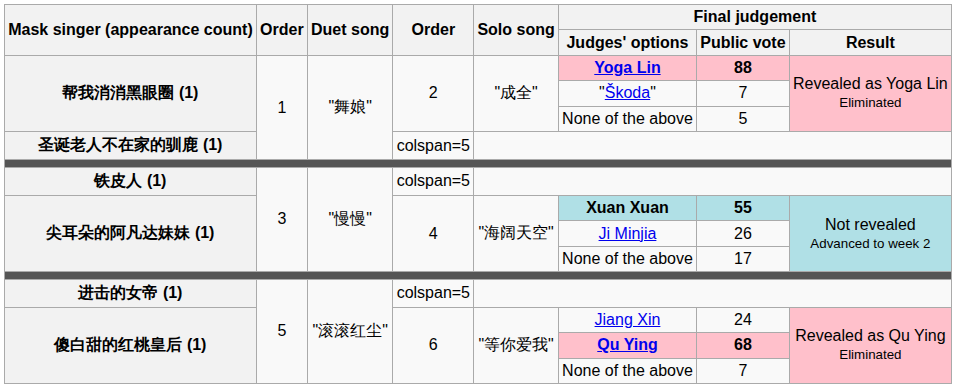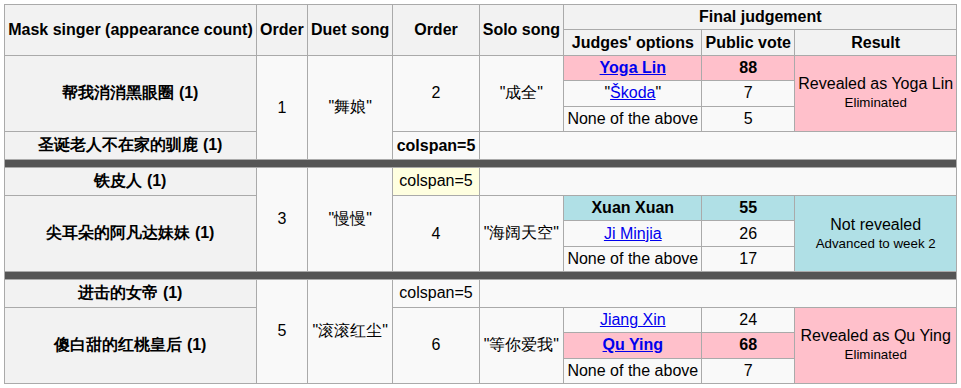 <table class="wikitable plainrowheaders" style="text-align:center;">
 <tr>
 <th rowspan=2 scope="col">Mask singer (appearance count)</th>
 <th rowspan=2 scope="col">Order</th>
 <th rowspan=2 scope="col">Duet song</th>
 <th rowspan=2 scope="col">Order</th>
 <th rowspan=2 scope="col">Solo song</th>
 <th scope="col" colspan=3>Final judgement</th>
 </tr>
 <tr>
 <th scope="col">Judges' options</th>
 <th scope="col">Public vote</th>
 <th scope="col">Result</th>
 </tr>
 <tr>
 <th rowspan=3 scope="row">帮我消消黑眼圈 (1)</th>
 <td rowspan=4>1</td>
 <td rowspan=4>"舞娘"</td>
 <td rowspan=3>2</td>
 <td rowspan=3>"成全"</td>
 <td style="background:pink;"><strong><a href='#'>Yoga Lin</a></strong></td>
 <td style="background:pink;"><strong>88</strong></td>
 <td style="background:pink;" rowspan=3>Revealed as Yoga Lin<br><small>Eliminated</small></td>
 </tr>
 <tr>
 <td>"<a href='#'>Škoda</a>"</td>
 <td>7</td>
 </tr>
 <tr>
 <td>None of the above</td>
 <td>5</td>
 </tr>
 <tr>
 <th scope="row">圣诞老人不在家的驯鹿 (1)</th>
-<td>colspan=5 </td>
+<td><strong>colspan=5 </strong></td>
 </tr>
 <tr>
 <td colspan="8" style="background:#555;"></td>
 </tr>
 <tr>
 <th scope="row">铁皮人 (1)</th>
 <td rowspan=4>3</td>
 <td rowspan=4>"慢慢"</td>
-<td>colspan=5 </td>
+<td style="background: lightyellow;">colspan=5 </td>
 </tr>
 <tr>
 <th rowspan=3 scope="row">尖耳朵的阿凡达妹妹 (1)</th>
 <td rowspan=3>4</td>
 <td rowspan=3>"海阔天空"</td>
 <td style="background:#B0E0E6;"><strong>Xuan Xuan</strong></td>
 <td style="background:#B0E0E6;"><strong>55</strong></td>
 <td style="background:#B0E0E6;" rowspan=3>Not revealed<br><small>Advanced to week 2</small></td>
 </tr>
 <tr>
 <td><a href='#'>Ji Minjia</a></td>
 <td>26</td>
 </tr>
 <tr>
 <td>None of the above</td>
 <td>17</td>
 </tr>
 <tr>
 <td colspan="8" style="background:#555;"></td>
 </tr>
 <tr>
 <th scope="row">进击的女帝 (1)</th>
 <td rowspan=4>5</td>
 <td rowspan=4>"滚滚红尘"</td>
 <td>colspan=5 </td>
 </tr>
 <tr>
 <th rowspan=3 scope="row">傻白甜的红桃皇后 (1) </th>
 <td rowspan=3>6</td>
 <td rowspan=3>"等你爱我"</td>
 <td><a href='#'>Jiang Xin</a></td>
 <td>24</td>
 <td style="background:pink;" rowspan=3>Revealed as Qu Ying<br><small>Eliminated</small></td>
 </tr>
 <tr style="background:pink;">
 <td><strong><a href='#'>Qu Ying</a></strong></td>
 <td><strong>68</strong></td>
 </tr>
 <tr>
 <td>None of the above</td>
 <td>7</td>
 </tr>
 </table>
